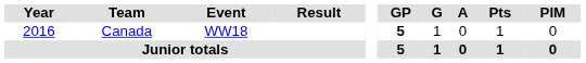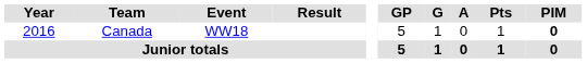 <table border="0" cellpadding="1" cellspacing="0" style="text-align:center; width:40em">
 <tr ALIGN="centre" bgcolor="#e0e0e0">
 <th>Year</th>
 <th>Team</th>
 <th>Event</th>
 <th>Result</th>
 <th rowspan="99" bgcolor="#ffffff"> </th>
 <th>GP</th>
 <th>G</th>
 <th>A</th>
 <th>Pts</th>
 <th>PIM</th>
 </tr>
 <tr>
 <td><a href='#'>2016</a></td>
 <td><a href='#'>Canada</a></td>
 <td><a href='#'>WW18</a></td>
 <td></td>
-<td><strong>5</strong></td>
+<td>5</td>
 <td>1</td>
 <td>0</td>
 <td>1</td>
-<td>0</td>
+<td><strong>0</strong></td>
 </tr>
 <tr ALIGN="centre" bgcolor="#e0e0e0">
 <th colspan=4>Junior totals</th>
 <th>5</th>
 <th>1</th>
 <th>0</th>
 <th>1</th>
 <th>0</th>
 </tr>
 </table>
